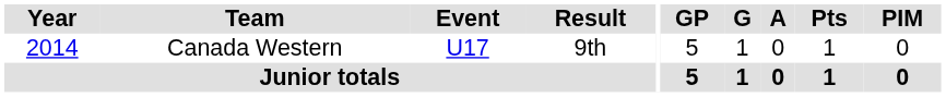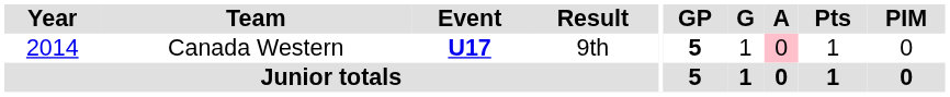 <table border="0" cellpadding="1" cellspacing="0" ID="Table3" style="text-align:center; width:40em">
 <tr bgcolor="#e0e0e0">
 <th>Year</th>
 <th>Team</th>
 <th>Event</th>
 <th>Result</th>
 <th rowspan="99" bgcolor="#ffffff"></th>
 <th>GP</th>
 <th>G</th>
 <th>A</th>
 <th>Pts</th>
 <th>PIM</th>
 </tr>
 <tr>
 <td><a href='#'>2014</a></td>
 <td>Canada Western</td>
-<td><a href='#'>U17</a></td>
+<td><strong><a href='#'>U17</a></strong></td>
 <td>9th</td>
-<td>5</td>
+<td><strong>5</strong></td>
 <td>1</td>
-<td>0</td>
+<td style="background: pink;">0</td>
 <td>1</td>
 <td>0</td>
 </tr>
 <tr bgcolor="#e0e0e0">
 <th colspan="4">Junior totals</th>
 <th>5</th>
 <th>1</th>
 <th>0</th>
 <th>1</th>
 <th>0</th>
 </tr>
 </table>
